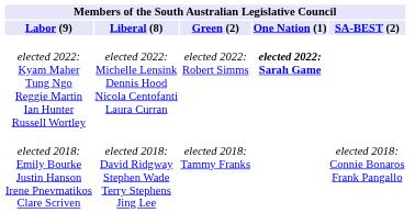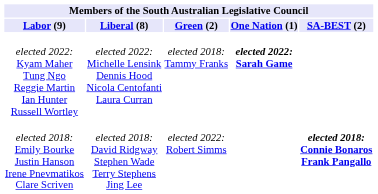 <table class="toccolours" style="table-layout:fixed">
 <tr>
 <th colspan="6" style="background:lavender">Members of the South Australian Legislative Council</th>
 </tr>
 <tr style="background:lavender">
 <th><a href='#'>Labor</a> (9)</th>
 <th><a href='#'>Liberal</a> (8)</th>
 <th><a href='#'>Green</a> (2)</th>
 <th><a href='#'>One Nation</a> (1)</th>
 <th><a href='#'>SA-BEST</a> (2)</th>
 </tr>
 <tr style="vertical-align:top; text-align:center;">
 <td><br><em>elected 2022:</em><br> <a href='#'>Kyam Maher</a><br> <a href='#'>Tung Ngo</a><br> <a href='#'>Reggie Martin</a><br> <a href='#'>Ian Hunter</a><br> <a href='#'>Russell Wortley</a><br></td>
 <td><br><em>elected 2022:</em><br> <a href='#'>Michelle Lensink</a><br> <a href='#'>Dennis Hood</a><br> <a href='#'>Nicola Centofanti</a><br> <a href='#'>Laura Curran</a></td>
-<td><br><em>elected 2022:</em><br> <a href='#'>Robert Simms</a><br></td>
+<td><br><em>elected 2018:</em><br> <a href='#'>Tammy Franks</a><br></td>
 <td><strong><br><em>elected 2022:</em><br> <a href='#'>Sarah Game</a><br></strong></td>
 <td><br><br></td>
 </tr>
 <tr style="vertical-align:top; text-align:center;">
 <td><br><em>elected 2018:</em><br> <a href='#'>Emily Bourke</a><br> <a href='#'>Justin Hanson</a><br> <a href='#'>Irene Pnevmatikos</a><br> <a href='#'>Clare Scriven</a></td>
 <td><br><em>elected 2018:</em><br> <a href='#'>David Ridgway</a><br> <a href='#'>Stephen Wade</a><br> <a href='#'>Terry Stephens</a><br> <a href='#'>Jing Lee</a><br></td>
-<td><br><em>elected 2018:</em><br> <a href='#'>Tammy Franks</a><br></td>
+<td><br><em>elected 2022:</em><br> <a href='#'>Robert Simms</a><br></td>
 <td><br><br></td>
-<td><br><em>elected 2018:</em><br> <a href='#'>Connie Bonaros</a><br> <a href='#'>Frank Pangallo</a></td>
+<td><strong><br><em>elected 2018:</em><br> <a href='#'>Connie Bonaros</a><br> <a href='#'>Frank Pangallo</a></strong></td>
 </tr>
 <tr style="vertical-align:top; text-align:center;">
 </tr>
 </table>
